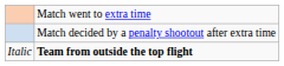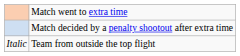 <table class="wikitable" style="font-size:95%;">
 <tr>
 <td style="background-color:#FBCEB1"></td>
 <td>Match went to <a href='#'>extra time</a></td>
 </tr>
 <tr>
 <td style="background-color:#cedff2"></td>
 <td>Match decided by a <a href='#'>penalty shootout</a> after extra time</td>
 </tr>
 <tr>
 <td><em>Italic</em></td>
-<td><strong>Team from outside the top flight</strong></td>
+<td>Team from outside the top flight</td>
 </tr>
 </table>
